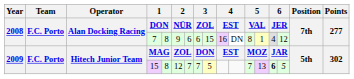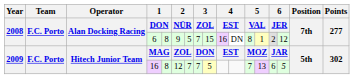 <table class="wikitable" style="text-align:center; font-size:85%">
 <tr>
 <th>Year</th>
 <th>Team</th>
 <th>Operator</th>
 <th colspan=2>1</th>
 <th colspan=2>2</th>
 <th colspan=2>3</th>
 <th colspan=2>4</th>
 <th colspan=2>5</th>
 <th colspan=2>6</th>
 <th>Position</th>
 <th>Points</th>
 </tr>
 <tr>
 <th rowspan=2><a href='#'>2008</a></th>
 <th rowspan=2 nowrap><a href='#'>F.C. Porto</a></th>
 <th rowspan=2 nowrap><a href='#'>Alan Docking Racing</a></th>
 <th colspan=2><a href='#'>DON</a></th>
 <th colspan=2><a href='#'>NÜR</a></th>
 <th colspan=2><a href='#'>ZOL</a></th>
 <th colspan=2><a href='#'>EST</a></th>
 <th colspan=2><a href='#'>VAL</a></th>
 <th colspan=2><a href='#'>JER</a></th>
 <th rowspan=2>7th</th>
 <th rowspan=2>277</th>
 </tr>
 <tr>
-<td style="background:#dfffdf;">7</td>
+<td style="background:#dfffdf;">6</td>
 <td style="background:#dfffdf;">8</td>
 <td style="background:#dfffdf;">9</td>
-<td style="background:#dfffdf;">6</td>
-<td style="background:#dfffdf;">6</td>
+<td style="background:#dfffdf;">5</td>
+<td style="background:#dfffdf;">7</td>
 <td style="background:#dfffdf;">15</td>
 <td style="background:#efcfff;">16</td>
 <td style="background:#ffffff;">DN</td>
 <td style="background:#dfffdf;">8</td>
 <td style="background:#ffffbf;">1</td>
-<td style="background:#dfdfdf;">4</td>
+<td style="background:#dfdfdf;">2</td>
 <td style="background:#dfffdf;">12</td>
 </tr>
 <tr>
 <th rowspan=2><a href='#'>2009</a></th>
 <th rowspan=2 nowrap><a href='#'>F.C. Porto</a></th>
 <th rowspan=2 nowrap><a href='#'>Hitech Junior Team</a></th>
 <th colspan=2><a href='#'>MAG</a></th>
 <th colspan=2><a href='#'>ZOL</a></th>
 <th colspan=2><a href='#'>DON</a></th>
 <th colspan=2><a href='#'>EST</a></th>
 <th colspan=2><a href='#'>MOZ</a></th>
 <th colspan=2><a href='#'>JAR</a></th>
 <th rowspan=2>5th</th>
 <th rowspan=2>302</th>
 </tr>
 <tr>
-<td style="background:#efcfff;">15</td>
+<td style="background:#efcfff;">16</td>
 <td style="background:#dfffdf;">8</td>
 <td style="background:#dfffdf;">12</td>
 <td style="background:#dfffdf;">7</td>
 <td style="background:#dfffdf;">7</td>
 <td style="background:#ffffbf;">5</td>
 <td></td>
 <td></td>
 <td style="background:#dfffdf;">7</td>
 <td style="background:#efcfff;">13</td>
-<td style="background:#dfffdf;"><strong>6</strong></td>
+<td style="background:#dfffdf;">6</td>
 <td style="background:#dfffdf;"><em>5</em></td>
 </tr>
 </table>
